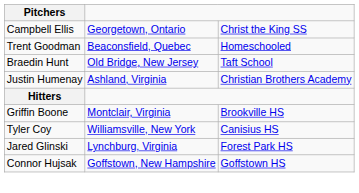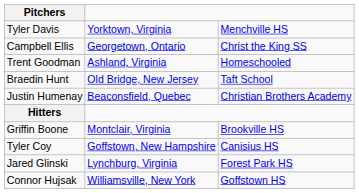 <table class="wikitable">
 <tr>
 <th>Pitchers</th>
+</tr>
+<tr>
+<td>Tyler Davis</td>
+<td><a href='#'>Yorktown, Virginia</a></td>
+<td><a href='#'>Menchville HS</a></td>
 </tr>
 <tr>
 <td>Campbell Ellis</td>
 <td><a href='#'>Georgetown, Ontario</a></td>
 <td><a href='#'>Christ the King SS</a></td>
 </tr>
 <tr>
 <td>Trent Goodman</td>
-<td><a href='#'>Beaconsfield, Quebec</a></td>
+<td><a href='#'>Ashland, Virginia</a></td>
 <td><a href='#'>Homeschooled</a></td>
 </tr>
 <tr>
 <td>Braedin Hunt</td>
 <td><a href='#'>Old Bridge, New Jersey</a></td>
 <td><a href='#'>Taft School</a></td>
 </tr>
 <tr>
 <td>Justin Humenay</td>
-<td><a href='#'>Ashland, Virginia</a></td>
+<td><a href='#'>Beaconsfield, Quebec</a></td>
 <td><a href='#'>Christian Brothers Academy</a></td>
 </tr>
 <tr>
 <th>Hitters</th>
 </tr>
 <tr>
 <td>Griffin Boone</td>
 <td><a href='#'>Montclair, Virginia</a></td>
 <td><a href='#'>Brookville HS</a></td>
 </tr>
 <tr>
 <td>Tyler Coy</td>
-<td><a href='#'>Williamsville, New York</a></td>
+<td><a href='#'>Goffstown, New Hampshire</a></td>
 <td><a href='#'>Canisius HS</a></td>
 </tr>
 <tr>
 <td>Jared Glinski</td>
 <td><a href='#'>Lynchburg, Virginia</a></td>
 <td><a href='#'>Forest Park HS</a></td>
 </tr>
 <tr>
 <td>Connor Hujsak</td>
-<td><a href='#'>Goffstown, New Hampshire</a></td>
+<td><a href='#'>Williamsville, New York</a></td>
 <td><a href='#'>Goffstown HS</a></td>
 </tr>
 </table>
